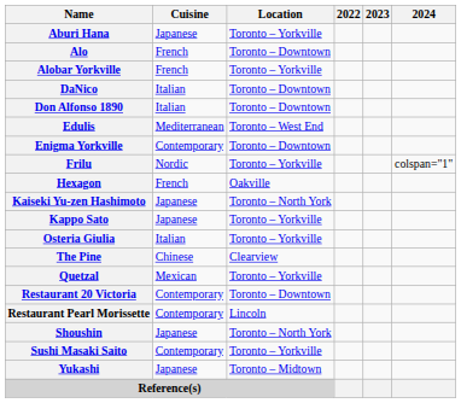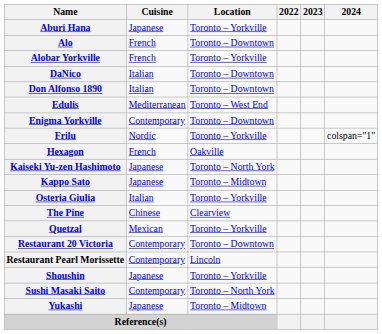 <table class="wikitable sortable plainrowheaders" style="text-align:left;"">
 <tr>
 <th scope="col">Name</th>
 <th scope="col">Cuisine</th>
 <th scope="col">Location</th>
 <th scope="col">2022</th>
 <th scope="col">2023</th>
 <th scope="col">2024</th>
 </tr>
 <tr>
 <th scope="row"><a href='#'>Aburi Hana</a></th>
 <td><a href='#'>Japanese</a></td>
 <td><a href='#'>Toronto – Yorkville</a></td>
 <td></td>
 <td></td>
 <td></td>
 </tr>
 <tr>
 <th scope="row"><a href='#'>Alo</a></th>
 <td><a href='#'>French</a></td>
 <td><a href='#'>Toronto – Downtown</a></td>
 <td></td>
 <td></td>
 <td></td>
 </tr>
 <tr>
 <th scope="row"><a href='#'>Alobar Yorkville</a></th>
 <td><a href='#'>French</a></td>
 <td><a href='#'>Toronto – Yorkville</a></td>
 <td></td>
 <td></td>
 <td></td>
 </tr>
 <tr>
 <th scope="row"><a href='#'>DaNico</a></th>
 <td><a href='#'>Italian</a></td>
 <td><a href='#'>Toronto – Downtown</a></td>
 <td></td>
 <td></td>
 <td></td>
 </tr>
 <tr>
 <th scope="row"><a href='#'>Don Alfonso 1890</a></th>
 <td><a href='#'>Italian</a></td>
 <td><a href='#'>Toronto – Downtown</a></td>
 <td></td>
 <td></td>
 <td></td>
 </tr>
 <tr>
 <th scope="row"><a href='#'>Edulis</a></th>
 <td><a href='#'>Mediterranean</a></td>
 <td><a href='#'>Toronto – West End</a></td>
 <td></td>
 <td></td>
 <td></td>
 </tr>
 <tr>
 <th scope="row"><a href='#'>Enigma Yorkville</a></th>
 <td><a href='#'>Contemporary</a></td>
 <td><a href='#'>Toronto – Downtown</a></td>
 <td></td>
 <td></td>
 <td></td>
 </tr>
 <tr>
 <th scope="row"><a href='#'>Frilu</a></th>
 <td><a href='#'>Nordic</a></td>
 <td><a href='#'>Toronto – Yorkville</a></td>
 <td></td>
 <td></td>
 <td>colspan="1" </td>
 </tr>
 <tr>
 <th scope="row"><a href='#'>Hexagon</a></th>
 <td><a href='#'>French</a></td>
 <td><a href='#'>Oakville</a></td>
 <td></td>
 <td></td>
 <td></td>
 </tr>
 <tr>
 <th scope="row"><a href='#'>Kaiseki Yu-zen Hashimoto</a></th>
 <td><a href='#'>Japanese</a></td>
 <td><a href='#'>Toronto – North York</a></td>
 <td></td>
 <td></td>
 <td></td>
 </tr>
 <tr>
 <th scope="row"><a href='#'>Kappo Sato</a></th>
 <td><a href='#'>Japanese</a></td>
-<td><a href='#'>Toronto – Yorkville</a></td>
+<td><a href='#'>Toronto – Midtown</a></td>
 <td></td>
 <td></td>
 <td></td>
 </tr>
 <tr>
 <th scope="row"><a href='#'>Osteria Giulia</a></th>
 <td><a href='#'>Italian</a></td>
 <td><a href='#'>Toronto – Yorkville</a></td>
 <td></td>
 <td></td>
 <td></td>
 </tr>
 <tr>
 <th scope="row" data-sort-value="Pine"><a href='#'>The Pine</a></th>
 <td><a href='#'>Chinese</a></td>
 <td><a href='#'>Clearview</a></td>
 <td></td>
 <td></td>
 <td></td>
 </tr>
 <tr>
 <th scope="row"><a href='#'>Quetzal</a></th>
 <td><a href='#'>Mexican</a></td>
 <td><a href='#'>Toronto – Yorkville</a></td>
 <td></td>
 <td></td>
 <td></td>
 </tr>
 <tr>
 <th scope="row"><a href='#'>Restaurant 20 Victoria</a></th>
 <td><a href='#'>Contemporary</a></td>
 <td><a href='#'>Toronto – Downtown</a></td>
 <td></td>
 <td></td>
 <td></td>
 </tr>
 <tr>
 <th scope="row">Restaurant Pearl Morissette</th>
 <td><a href='#'>Contemporary</a></td>
 <td><a href='#'>Lincoln</a></td>
 <td></td>
 <td></td>
 <td></td>
 </tr>
 <tr>
 <th scope="row"><a href='#'>Shoushin</a></th>
 <td><a href='#'>Japanese</a></td>
-<td><a href='#'>Toronto – North York</a></td>
+<td><a href='#'>Toronto – Yorkville</a></td>
 <td></td>
 <td></td>
 <td></td>
 </tr>
 <tr>
 <th scope="row"><a href='#'>Sushi Masaki Saito</a></th>
 <td><a href='#'>Contemporary</a></td>
-<td><a href='#'>Toronto – Yorkville</a></td>
+<td><a href='#'>Toronto – North York</a></td>
 <td></td>
 <td></td>
 <td></td>
 </tr>
 <tr>
 <th scope="row"><a href='#'>Yukashi</a></th>
 <td><a href='#'>Japanese</a></td>
 <td><a href='#'>Toronto – Midtown</a></td>
 <td></td>
 <td></td>
 <td></td>
 </tr>
 <tr>
 <th colspan="3" style="text-align: center;background: lightgray;">Reference(s)</th>
 <th></th>
 <th></th>
 <th></th>
 </tr>
 </table>
